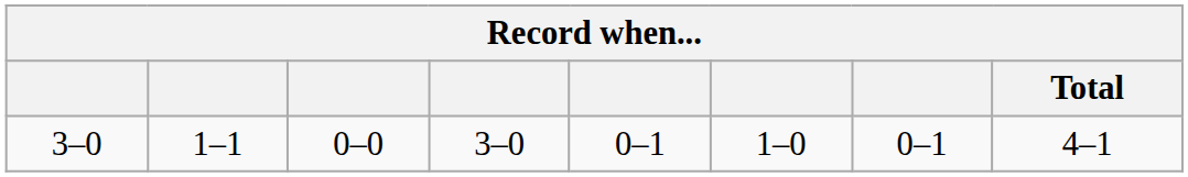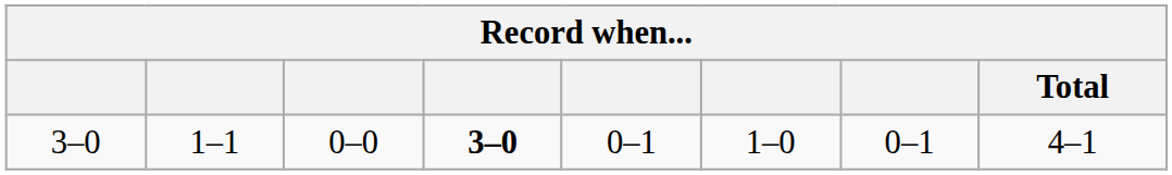 <table class="wikitable" style="margin:1em auto; font-size:95%; text-align:center; width:35em;">
 <tr>
 <th colspan="8">Record when...</th>
 </tr>
 <tr>
 <th></th>
 <th></th>
 <th></th>
 <th></th>
 <th></th>
 <th></th>
 <th></th>
 <th>Total</th>
 </tr>
 <tr>
 <td>3–0</td>
 <td>1–1</td>
 <td>0–0</td>
-<td>3–0</td>
+<td><strong>3–0</strong></td>
 <td>0–1</td>
 <td>1–0</td>
 <td>0–1</td>
 <td>4–1</td>
 </tr>
 </table>
